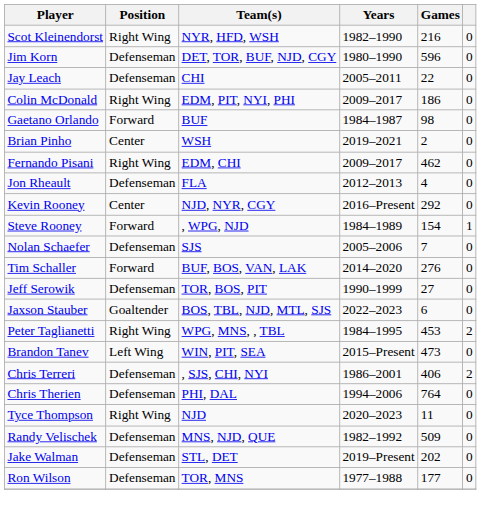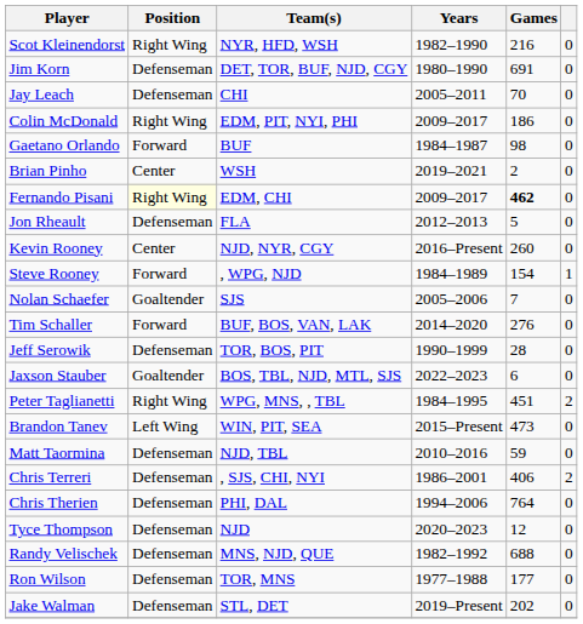 <table class="wikitable sortable">
 <tr>
 <th>Player</th>
 <th>Position</th>
 <th>Team(s)</th>
 <th>Years</th>
 <th>Games</th>
 <th><a href='#'></a></th>
 </tr>
 <tr>
 <td><a href='#'>Scot Kleinendorst</a></td>
 <td>Right Wing</td>
 <td><a href='#'>NYR</a>, <a href='#'>HFD</a>, <a href='#'>WSH</a></td>
 <td>1982–1990</td>
 <td>216</td>
 <td>0</td>
 </tr>
 <tr>
 <td><a href='#'>Jim Korn</a></td>
 <td>Defenseman</td>
 <td><a href='#'>DET</a>, <a href='#'>TOR</a>, <a href='#'>BUF</a>, <a href='#'>NJD</a>, <a href='#'>CGY</a></td>
 <td>1980–1990</td>
-<td>596</td>
+<td>691</td>
 <td>0</td>
 </tr>
 <tr>
 <td><a href='#'>Jay Leach</a></td>
 <td>Defenseman</td>
 <td><a href='#'>CHI</a></td>
 <td>2005–2011</td>
-<td>22</td>
+<td>70</td>
 <td>0</td>
 </tr>
 <tr>
 <td><a href='#'>Colin McDonald</a></td>
 <td>Right Wing</td>
 <td><a href='#'>EDM</a>, <a href='#'>PIT</a>, <a href='#'>NYI</a>, <a href='#'>PHI</a></td>
 <td>2009–2017</td>
 <td>186</td>
 <td>0</td>
 </tr>
 <tr>
 <td><a href='#'>Gaetano Orlando</a></td>
 <td>Forward</td>
 <td><a href='#'>BUF</a></td>
 <td>1984–1987</td>
 <td>98</td>
 <td>0</td>
 </tr>
 <tr>
 <td><a href='#'>Brian Pinho</a></td>
 <td>Center</td>
 <td><a href='#'>WSH</a></td>
 <td>2019–2021</td>
 <td>2</td>
 <td>0</td>
 </tr>
 <tr>
 <td><a href='#'>Fernando Pisani</a></td>
-<td>Right Wing</td>
+<td style="background: lightyellow;">Right Wing</td>
 <td><a href='#'>EDM</a>, <a href='#'>CHI</a></td>
 <td>2009–2017</td>
-<td>462</td>
+<td><strong>462</strong></td>
 <td>0</td>
 </tr>
 <tr>
 <td><a href='#'>Jon Rheault</a></td>
 <td>Defenseman</td>
 <td><a href='#'>FLA</a></td>
 <td>2012–2013</td>
-<td>4</td>
+<td>5</td>
 <td>0</td>
 </tr>
 <tr>
 <td><a href='#'>Kevin Rooney</a></td>
 <td>Center</td>
 <td><a href='#'>NJD</a>, <a href='#'>NYR</a>, <a href='#'>CGY</a></td>
 <td>2016–Present</td>
-<td>292</td>
+<td>260</td>
 <td>0</td>
 </tr>
 <tr>
 <td><a href='#'>Steve Rooney</a></td>
 <td>Forward</td>
 <td><span><strong></strong></span>, <a href='#'>WPG</a>, <a href='#'>NJD</a></td>
 <td>1984–1989</td>
 <td>154</td>
 <td>1</td>
 </tr>
 <tr>
 <td><a href='#'>Nolan Schaefer</a></td>
-<td>Defenseman</td>
+<td>Goaltender</td>
 <td><a href='#'>SJS</a></td>
 <td>2005–2006</td>
 <td>7</td>
 <td>0</td>
 </tr>
 <tr>
 <td><a href='#'>Tim Schaller</a></td>
 <td>Forward</td>
 <td><a href='#'>BUF</a>, <a href='#'>BOS</a>, <a href='#'>VAN</a>, <a href='#'>LAK</a></td>
 <td>2014–2020</td>
 <td>276</td>
 <td>0</td>
 </tr>
 <tr>
 <td><a href='#'>Jeff Serowik</a></td>
 <td>Defenseman</td>
 <td><a href='#'>TOR</a>, <a href='#'>BOS</a>, <a href='#'>PIT</a></td>
 <td>1990–1999</td>
-<td>27</td>
+<td>28</td>
 <td>0</td>
 </tr>
 <tr>
 <td><a href='#'>Jaxson Stauber</a></td>
 <td>Goaltender</td>
 <td><a href='#'>BOS</a>, <a href='#'>TBL</a>, <a href='#'>NJD</a>, <a href='#'>MTL</a>, <a href='#'>SJS</a></td>
 <td>2022–2023</td>
 <td>6</td>
 <td>0</td>
 </tr>
 <tr>
 <td><a href='#'>Peter Taglianetti</a></td>
 <td>Right Wing</td>
 <td><a href='#'>WPG</a>, <a href='#'>MNS</a>, <span><strong></strong></span>, <a href='#'>TBL</a></td>
 <td>1984–1995</td>
-<td>453</td>
+<td>451</td>
 <td>2</td>
 </tr>
 <tr>
 <td><a href='#'>Brandon Tanev</a></td>
 <td>Left Wing</td>
 <td><a href='#'>WIN</a>, <a href='#'>PIT</a>, <a href='#'>SEA</a></td>
 <td>2015–Present</td>
 <td>473</td>
+<td>0</td>
+</tr>
+<tr>
+<td><a href='#'>Matt Taormina</a></td>
+<td>Defenseman</td>
+<td><a href='#'>NJD</a>, <a href='#'>TBL</a></td>
+<td>2010–2016</td>
+<td>59</td>
 <td>0</td>
 </tr>
 <tr>
 <td><a href='#'>Chris Terreri</a></td>
 <td>Defenseman</td>
 <td><span><strong></strong></span>, <a href='#'>SJS</a>, <a href='#'>CHI</a>, <a href='#'>NYI</a></td>
 <td>1986–2001</td>
 <td>406</td>
 <td>2</td>
 </tr>
 <tr>
 <td><a href='#'>Chris Therien</a></td>
 <td>Defenseman</td>
 <td><a href='#'>PHI</a>, <a href='#'>DAL</a></td>
 <td>1994–2006</td>
 <td>764</td>
 <td>0</td>
 </tr>
 <tr>
 <td><a href='#'>Tyce Thompson</a></td>
-<td>Right Wing</td>
+<td>Defenseman</td>
 <td><a href='#'>NJD</a></td>
 <td>2020–2023</td>
-<td>11</td>
+<td>12</td>
 <td>0</td>
 </tr>
 <tr>
 <td><a href='#'>Randy Velischek</a></td>
 <td>Defenseman</td>
 <td><a href='#'>MNS</a>, <a href='#'>NJD</a>, <a href='#'>QUE</a></td>
 <td>1982–1992</td>
-<td>509</td>
+<td>688</td>
+<td>0</td>
+</tr>
+<tr>
+<td><a href='#'>Ron Wilson</a></td>
+<td>Defenseman</td>
+<td><a href='#'>TOR</a>, <a href='#'>MNS</a></td>
+<td>1977–1988</td>
+<td>177</td>
 <td>0</td>
 </tr>
 <tr>
 <td><a href='#'>Jake Walman</a></td>
 <td>Defenseman</td>
 <td><a href='#'>STL</a>, <a href='#'>DET</a></td>
 <td>2019–Present</td>
 <td>202</td>
 <td>0</td>
 </tr>
 <tr>
-<td><a href='#'>Ron Wilson</a></td>
-<td>Defenseman</td>
-<td><a href='#'>TOR</a>, <a href='#'>MNS</a></td>
-<td>1977–1988</td>
-<td>177</td>
-<td>0</td>
-</tr>
-<tr>
 </tr>
 </table>
